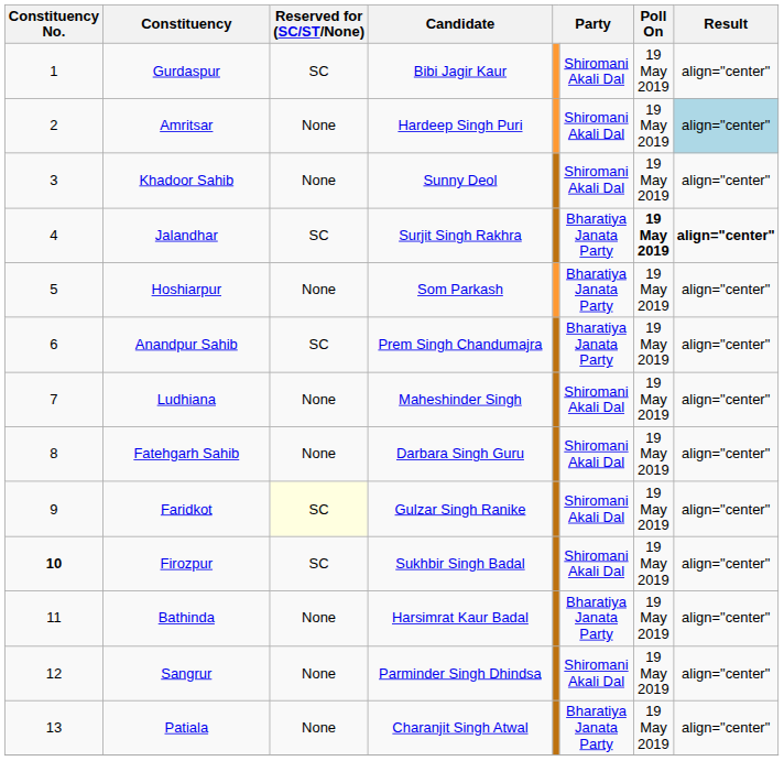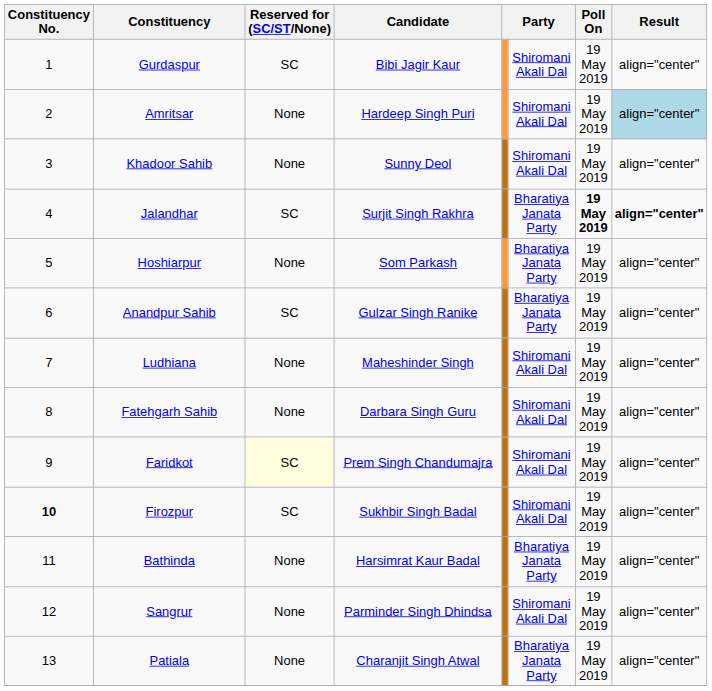 <table class="wikitable sortable" style="text-align:center;">
 <tr>
 <th>Constituency No.</th>
 <th style="width:180px;">Constituency</th>
 <th>Reserved for<br>(<a href='#'>SC/ST</a>/None)</th>
 <th style="width:200px;">Candidate</th>
 <th colspan="2">Party</th>
 <th>Poll On</th>
 <th>Result</th>
 </tr>
 <tr>
 <td align="center">1</td>
 <td><a href='#'>Gurdaspur</a></td>
 <td align="center">SC</td>
 <td><a href='#'>Bibi Jagir Kaur</a></td>
 <td bgcolor=#FF9933></td>
 <td><a href='#'>Shiromani Akali Dal</a></td>
 <td align="center">19 May 2019</td>
 <td>align="center" </td>
 </tr>
 <tr>
 <td align="center">2</td>
 <td><a href='#'>Amritsar</a></td>
 <td align="center">None</td>
 <td><a href='#'>Hardeep Singh Puri</a></td>
 <td bgcolor="#FF9933"></td>
 <td><a href='#'>Shiromani Akali Dal</a></td>
 <td align="center">19 May 2019</td>
 <td style="background: lightblue;">align="center" </td>
 </tr>
 <tr>
 <td align="center">3</td>
 <td><a href='#'>Khadoor Sahib</a></td>
 <td align="center">None</td>
 <td><a href='#'>Sunny Deol</a></td>
 <td bgcolor=#BD710F></td>
 <td><a href='#'>Shiromani Akali Dal</a></td>
 <td align="center">19 May 2019</td>
 <td>align="center" </td>
 </tr>
 <tr>
 <td align="center">4</td>
 <td><a href='#'>Jalandhar</a></td>
 <td align="center">SC</td>
 <td><a href='#'>Surjit Singh Rakhra</a></td>
 <td bgcolor=#BD710F></td>
 <td><a href='#'>Bharatiya Janata Party</a></td>
 <td align="center"><strong>19 May 2019</strong></td>
 <td><strong>align="center" </strong></td>
 </tr>
 <tr>
 <td align="center">5</td>
 <td><a href='#'>Hoshiarpur</a></td>
 <td align="center">None</td>
 <td><a href='#'>Som Parkash</a></td>
 <td bgcolor=#FF9933></td>
 <td><a href='#'>Bharatiya Janata Party</a></td>
 <td align="center">19 May 2019</td>
 <td>align="center" </td>
 </tr>
 <tr>
 <td align="center">6</td>
 <td><a href='#'>Anandpur Sahib</a></td>
 <td align="center">SC</td>
-<td><a href='#'>Prem Singh Chandumajra</a></td>
+<td><a href='#'>Gulzar Singh Ranike</a></td>
 <td bgcolor="#BD710F"></td>
 <td><a href='#'>Bharatiya Janata Party</a></td>
 <td align="center">19 May 2019</td>
 <td>align="center" </td>
 </tr>
 <tr>
 <td align="center">7</td>
 <td><a href='#'>Ludhiana</a></td>
 <td align="center">None</td>
 <td><a href='#'>Maheshinder Singh</a></td>
 <td bgcolor="#BD710F"></td>
 <td><a href='#'>Shiromani Akali Dal</a></td>
 <td align="center">19 May 2019</td>
 <td>align="center" </td>
 </tr>
 <tr>
 <td align="center">8</td>
 <td><a href='#'>Fatehgarh Sahib</a></td>
 <td align="center">None</td>
 <td><a href='#'>Darbara Singh Guru</a></td>
 <td bgcolor="#BD710F"></td>
 <td><a href='#'>Shiromani Akali Dal</a></td>
 <td align="center">19 May 2019</td>
 <td>align="center" </td>
 </tr>
 <tr>
 <td align="center">9</td>
 <td><a href='#'>Faridkot</a></td>
 <td align="center" style="background: lightyellow;">SC</td>
-<td><a href='#'>Gulzar Singh Ranike</a></td>
+<td><a href='#'>Prem Singh Chandumajra</a></td>
 <td bgcolor="#BD710F"></td>
 <td><a href='#'>Shiromani Akali Dal</a></td>
 <td align="center">19 May 2019</td>
 <td>align="center" </td>
 </tr>
 <tr>
 <td align="center"><strong>10</strong></td>
 <td><a href='#'>Firozpur</a></td>
 <td align="center">SC</td>
 <td><a href='#'>Sukhbir Singh Badal</a></td>
 <td bgcolor=#BD710F></td>
 <td><a href='#'>Shiromani Akali Dal</a></td>
 <td align="center">19 May 2019</td>
 <td>align="center" </td>
 </tr>
 <tr>
 <td align="center">11</td>
 <td><a href='#'>Bathinda</a></td>
 <td align="center">None</td>
 <td><a href='#'>Harsimrat Kaur Badal</a></td>
 <td bgcolor=#BD710F></td>
 <td><a href='#'>Bharatiya Janata Party</a></td>
 <td align="center">19 May 2019</td>
 <td>align="center" </td>
 </tr>
 <tr>
 <td align="center">12</td>
 <td><a href='#'>Sangrur</a></td>
 <td align="center">None</td>
 <td><a href='#'>Parminder Singh Dhindsa</a></td>
 <td bgcolor="#BD710F"></td>
 <td><a href='#'>Shiromani Akali Dal</a></td>
 <td align="center">19 May 2019</td>
 <td>align="center" </td>
 </tr>
 <tr>
 <td align="center">13</td>
 <td><a href='#'>Patiala</a></td>
 <td align="center">None</td>
 <td><a href='#'>Charanjit Singh Atwal</a></td>
 <td bgcolor="#BD710F"></td>
 <td><a href='#'>Bharatiya Janata Party</a></td>
 <td align="center">19 May 2019</td>
 <td>align="center" </td>
 </tr>
 <tr>
 </tr>
 </table>
